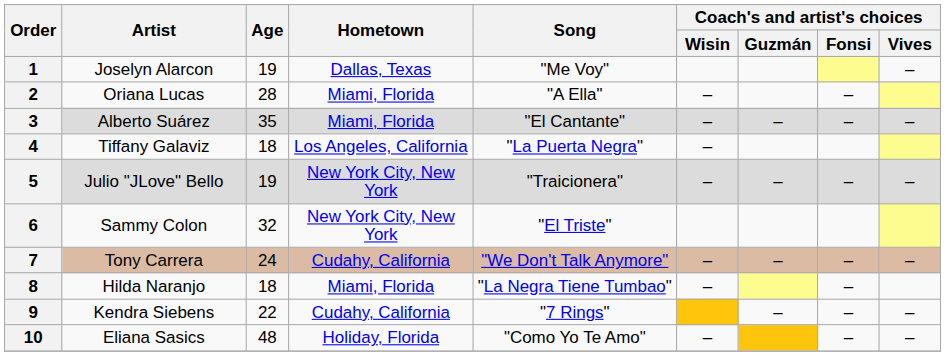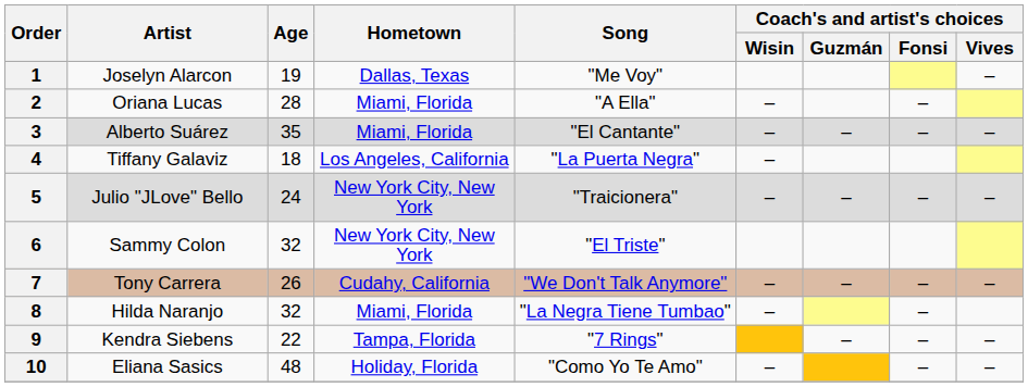 <table class="wikitable" style="text-align:center; line-height:17px; width:100%;">
 <tr>
 <th scope="col" rowspan="2" style="width:04%;">Order</th>
 <th scope="col" rowspan="2" style="width:18%;">Artist</th>
 <th scope="col" rowspan="2" style="width:04%;">Age</th>
 <th scope="col" rowspan="2" style="width:18%;">Hometown</th>
 <th scope="col" rowspan="2" style="width:20%;">Song</th>
 <th scope="col" colspan="4" style="width:24%;">Coach's and artist's choices</th>
 </tr>
 <tr>
 <th style="width:06%;">Wisin</th>
 <th style="width:06%;">Guzmán</th>
 <th style="width:06%;">Fonsi</th>
 <th style="width:06%;">Vives</th>
 </tr>
 <tr>
 <th>1</th>
 <td>Joselyn Alarcon</td>
 <td>19</td>
 <td><a href='#'>Dallas, Texas</a></td>
 <td>"Me Voy"</td>
 <td><strong></strong></td>
 <td><strong></strong></td>
 <td style="background:#fdfc8f;"><strong></strong></td>
 <td>–</td>
 </tr>
 <tr>
 <th>2</th>
 <td>Oriana Lucas</td>
 <td>28</td>
 <td><a href='#'>Miami, Florida</a></td>
 <td>"A Ella"</td>
 <td>–</td>
 <td><strong></strong></td>
 <td>–</td>
 <td style="background:#fdfc8f;"><strong></strong></td>
 </tr>
 <tr>
 <th>3</th>
 <td style="background:#dcdcdc;">Alberto Suárez</td>
 <td style="background:#dcdcdc;">35</td>
 <td style="background:#dcdcdc;"><a href='#'>Miami, Florida</a></td>
 <td style="background:#dcdcdc;">"El Cantante"</td>
 <td style="background:#dcdcdc;">–</td>
 <td style="background:#dcdcdc;">–</td>
 <td style="background:#dcdcdc;">–</td>
 <td style="background:#dcdcdc;">–</td>
 </tr>
 <tr>
 <th>4</th>
 <td>Tiffany Galaviz</td>
 <td>18</td>
 <td><a href='#'>Los Angeles, California</a></td>
 <td>"<a href='#'>La Puerta Negra</a>"</td>
 <td>–</td>
 <td><strong></strong></td>
 <td><strong></strong></td>
 <td style="background:#fdfc8f;"><strong></strong></td>
 </tr>
 <tr style="background:#dcdcdc;">
 <th>5</th>
 <td>Julio "JLove" Bello</td>
-<td>19</td>
+<td>24</td>
 <td><a href='#'>New York City, New York</a></td>
 <td>"Traicionera"</td>
 <td>–</td>
 <td>–</td>
 <td>–</td>
 <td>–</td>
 </tr>
 <tr>
 <th>6</th>
 <td>Sammy Colon</td>
 <td>32</td>
 <td><a href='#'>New York City, New York</a></td>
 <td>"<a href='#'>El Triste</a>"</td>
 <td><strong></strong></td>
 <td><strong></strong></td>
 <td><strong></strong></td>
 <td style="background:#fdfc8f;"><strong></strong></td>
 </tr>
 <tr style="background:#dbbba4;">
 <th>7</th>
 <td>Tony Carrera</td>
-<td>24</td>
+<td>26</td>
 <td><a href='#'>Cudahy, California</a></td>
 <td style="background"><a href='#'>"We Don't Talk Anymore"</a></td>
 <td>–</td>
 <td>–</td>
 <td>–</td>
 <td>–</td>
 </tr>
 <tr>
 <th>8</th>
 <td>Hilda Naranjo</td>
-<td>18</td>
+<td>32</td>
 <td><a href='#'>Miami, Florida</a></td>
 <td>"<a href='#'>La Negra Tiene Tumbao</a>"</td>
 <td>–</td>
 <td style="background:#fdfc8f;"><strong></strong></td>
 <td>–</td>
 <td><strong></strong></td>
 </tr>
 <tr>
 <th>9</th>
 <td>Kendra Siebens</td>
 <td>22</td>
-<td><a href='#'>Cudahy, California</a></td>
+<td><a href='#'>Tampa, Florida</a></td>
 <td>"<a href='#'>7 Rings</a>"</td>
 <td style="background:#ffc40c;"><strong></strong></td>
 <td>–</td>
 <td>–</td>
 <td>–</td>
 </tr>
 <tr>
 <th>10</th>
 <td>Eliana Sasics</td>
 <td>48</td>
 <td><a href='#'>Holiday, Florida</a></td>
 <td>"Como Yo Te Amo"</td>
 <td>–</td>
 <td style="background:#ffc40c;"><strong></strong></td>
 <td>–</td>
 <td>–</td>
 </tr>
 <tr>
 </tr>
 </table>
